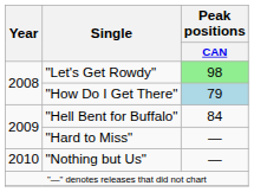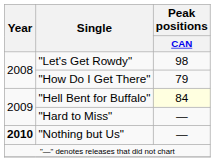 <table class="wikitable" style="text-align:center;">
 <tr>
 <th rowspan="2">Year</th>
 <th rowspan="2">Single</th>
 <th>Peak positions</th>
 </tr>
 <tr style="font-size:smaller;">
 <th width="65"><a href='#'>CAN</a></th>
 </tr>
 <tr>
 <td rowspan="2">2008</td>
 <td align="left">"Let's Get Rowdy"</td>
-<td style="background: lightgreen;">98</td>
+<td>98</td>
 </tr>
 <tr>
 <td align="left">"How Do I Get There"</td>
-<td style="background: lightblue;">79</td>
+<td>79</td>
 </tr>
 <tr>
 <td rowspan="2">2009</td>
 <td align="left">"Hell Bent for Buffalo"</td>
-<td>84</td>
+<td style="background: lightyellow;">84</td>
 </tr>
 <tr>
 <td align="left">"Hard to Miss"</td>
 <td>—</td>
 </tr>
 <tr>
-<td>2010</td>
+<td><strong>2010</strong></td>
 <td align="left">"Nothing but Us"</td>
 <td>—</td>
 </tr>
 <tr>
 <td colspan="3" style="font-size:8pt">"—" denotes releases that did not chart</td>
 </tr>
 <tr>
 </tr>
 </table>
